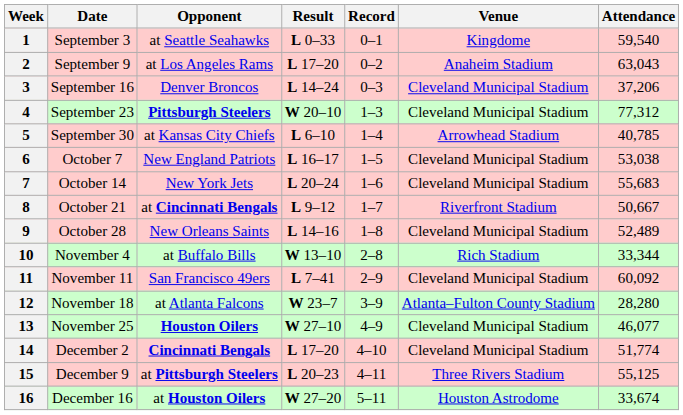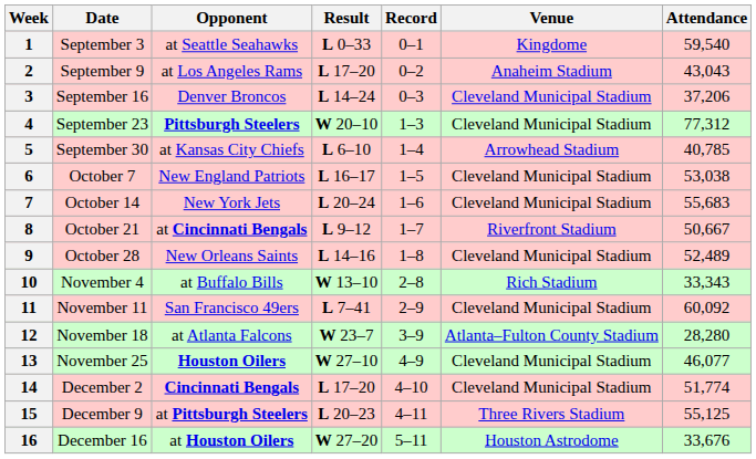 <table class="wikitable" style="text-align:center">
 <tr>
 <th>Week</th>
 <th>Date</th>
 <th>Opponent</th>
 <th>Result</th>
 <th>Record</th>
 <th>Venue</th>
 <th>Attendance</th>
 </tr>
 <tr style="background:#fcc">
 <th>1</th>
 <td>September 3</td>
 <td>at <a href='#'>Seattle Seahawks</a></td>
 <td><strong>L</strong> 0–33</td>
 <td>0–1</td>
 <td><a href='#'>Kingdome</a></td>
 <td>59,540</td>
 </tr>
 <tr style="background:#fcc">
 <th>2</th>
 <td>September 9</td>
 <td>at <a href='#'>Los Angeles Rams</a></td>
 <td><strong>L</strong> 17–20</td>
 <td>0–2</td>
 <td><a href='#'>Anaheim Stadium</a></td>
-<td>63,043</td>
+<td>43,043</td>
 </tr>
 <tr style="background:#fcc">
 <th>3</th>
 <td>September 16</td>
 <td><a href='#'>Denver Broncos</a></td>
 <td><strong>L</strong> 14–24</td>
 <td>0–3</td>
 <td><a href='#'>Cleveland Municipal Stadium</a></td>
 <td>37,206</td>
 </tr>
 <tr style="background:#cfc">
 <th>4</th>
 <td>September 23</td>
 <td><strong><a href='#'>Pittsburgh Steelers</a></strong></td>
 <td><strong>W</strong> 20–10</td>
 <td>1–3</td>
 <td>Cleveland Municipal Stadium</td>
 <td>77,312</td>
 </tr>
 <tr style="background:#fcc">
 <th>5</th>
 <td>September 30</td>
 <td>at <a href='#'>Kansas City Chiefs</a></td>
 <td><strong>L</strong> 6–10</td>
 <td>1–4</td>
 <td><a href='#'>Arrowhead Stadium</a></td>
 <td>40,785</td>
 </tr>
 <tr style="background:#fcc">
 <th>6</th>
 <td>October 7</td>
 <td><a href='#'>New England Patriots</a></td>
 <td><strong>L</strong> 16–17</td>
 <td>1–5</td>
 <td>Cleveland Municipal Stadium</td>
 <td>53,038</td>
 </tr>
 <tr style="background:#fcc">
 <th>7</th>
 <td>October 14</td>
 <td><a href='#'>New York Jets</a></td>
 <td><strong>L</strong> 20–24</td>
 <td>1–6</td>
 <td>Cleveland Municipal Stadium</td>
 <td>55,683</td>
 </tr>
 <tr style="background:#fcc">
 <th>8</th>
 <td>October 21</td>
 <td>at <strong><a href='#'>Cincinnati Bengals</a></strong></td>
 <td><strong>L</strong> 9–12</td>
 <td>1–7</td>
 <td><a href='#'>Riverfront Stadium</a></td>
 <td>50,667</td>
 </tr>
 <tr style="background:#fcc">
 <th>9</th>
 <td>October 28</td>
 <td><a href='#'>New Orleans Saints</a></td>
 <td><strong>L</strong> 14–16</td>
 <td>1–8</td>
 <td>Cleveland Municipal Stadium</td>
 <td>52,489</td>
 </tr>
 <tr style="background:#cfc">
 <th>10</th>
 <td>November 4</td>
 <td>at <a href='#'>Buffalo Bills</a></td>
 <td><strong>W</strong> 13–10</td>
 <td>2–8</td>
 <td><a href='#'>Rich Stadium</a></td>
-<td>33,344</td>
+<td>33,343</td>
 </tr>
 <tr style="background:#fcc">
 <th>11</th>
 <td>November 11</td>
 <td><a href='#'>San Francisco 49ers</a></td>
 <td><strong>L</strong> 7–41</td>
 <td>2–9</td>
 <td>Cleveland Municipal Stadium</td>
 <td>60,092</td>
 </tr>
 <tr style="background:#cfc">
 <th>12</th>
 <td>November 18</td>
 <td>at <a href='#'>Atlanta Falcons</a></td>
 <td><strong>W</strong> 23–7</td>
 <td>3–9</td>
 <td><a href='#'>Atlanta–Fulton County Stadium</a></td>
 <td>28,280</td>
 </tr>
 <tr style="background:#cfc">
 <th>13</th>
 <td>November 25</td>
 <td><strong><a href='#'>Houston Oilers</a></strong></td>
 <td><strong>W</strong> 27–10</td>
 <td>4–9</td>
 <td>Cleveland Municipal Stadium</td>
 <td>46,077</td>
 </tr>
 <tr style="background:#fcc">
 <th>14</th>
 <td>December 2</td>
 <td><strong><a href='#'>Cincinnati Bengals</a></strong></td>
 <td><strong>L</strong> 17–20</td>
 <td>4–10</td>
 <td>Cleveland Municipal Stadium</td>
 <td>51,774</td>
 </tr>
 <tr style="background:#fcc">
 <th>15</th>
 <td>December 9</td>
 <td>at <strong><a href='#'>Pittsburgh Steelers</a></strong></td>
 <td><strong>L</strong> 20–23</td>
 <td>4–11</td>
 <td><a href='#'>Three Rivers Stadium</a></td>
 <td>55,125</td>
 </tr>
 <tr style="background:#cfc">
 <th>16</th>
 <td>December 16</td>
 <td>at <strong><a href='#'>Houston Oilers</a></strong></td>
 <td><strong>W</strong> 27–20</td>
 <td>5–11</td>
 <td><a href='#'>Houston Astrodome</a></td>
-<td>33,674</td>
+<td>33,676</td>
 </tr>
 </table>
